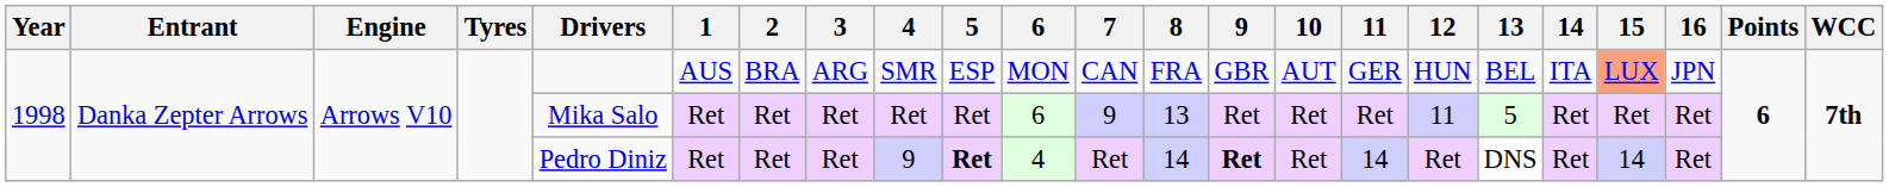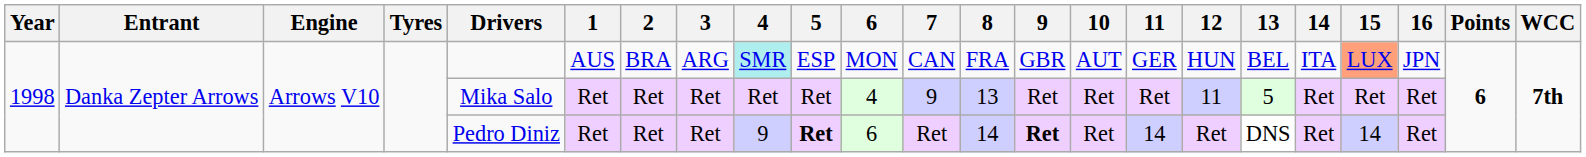 <table class="wikitable" style="text-align:center; font-size:95%">
 <tr>
 <th>Year</th>
 <th>Entrant</th>
 <th>Engine</th>
 <th>Tyres</th>
 <th>Drivers</th>
 <th>1</th>
 <th>2</th>
 <th>3</th>
 <th>4</th>
 <th>5</th>
 <th>6</th>
 <th>7</th>
 <th>8</th>
 <th>9</th>
 <th>10</th>
 <th>11</th>
 <th>12</th>
 <th>13</th>
 <th>14</th>
 <th>15</th>
 <th>16</th>
 <th>Points</th>
 <th>WCC</th>
 </tr>
 <tr>
 <td rowspan="3"><a href='#'>1998</a></td>
 <td rowspan="3"><a href='#'>Danka Zepter Arrows</a></td>
 <td rowspan="3"><a href='#'>Arrows</a> <a href='#'>V10</a></td>
 <td rowspan="3"></td>
 <td></td>
 <td><a href='#'>AUS</a></td>
 <td><a href='#'>BRA</a></td>
 <td><a href='#'>ARG</a></td>
-<td><a href='#'>SMR</a></td>
+<td style="background: paleturquoise;"><a href='#'>SMR</a></td>
 <td><a href='#'>ESP</a></td>
 <td><a href='#'>MON</a></td>
 <td><a href='#'>CAN</a></td>
 <td><a href='#'>FRA</a></td>
 <td><a href='#'>GBR</a></td>
 <td><a href='#'>AUT</a></td>
 <td><a href='#'>GER</a></td>
 <td><a href='#'>HUN</a></td>
 <td><a href='#'>BEL</a></td>
 <td><a href='#'>ITA</a></td>
 <td style="background: lightsalmon;"><a href='#'>LUX</a></td>
 <td><a href='#'>JPN</a></td>
 <td rowspan="3"><strong>6</strong></td>
 <td rowspan="3"><strong>7th</strong></td>
 </tr>
 <tr>
 <td><a href='#'>Mika Salo</a></td>
 <td style="background:#EFCFFF;">Ret</td>
 <td style="background:#EFCFFF;">Ret</td>
 <td style="background:#EFCFFF;">Ret</td>
 <td style="background:#EFCFFF;">Ret</td>
 <td style="background:#EFCFFF;">Ret</td>
-<td style="background:#DFFFDF;">6</td>
+<td style="background:#DFFFDF;">4</td>
 <td style="background:#CFCFFF;">9</td>
 <td style="background:#CFCFFF;">13</td>
 <td style="background:#EFCFFF;">Ret</td>
 <td style="background:#EFCFFF;">Ret</td>
 <td style="background:#EFCFFF;">Ret</td>
 <td style="background:#CFCFFF;">11</td>
 <td style="background:#DFFFDF;">5</td>
 <td style="background:#EFCFFF;">Ret</td>
 <td style="background:#EFCFFF;">Ret</td>
 <td style="background:#EFCFFF;">Ret</td>
 </tr>
 <tr>
 <td><a href='#'>Pedro Diniz</a></td>
 <td style="background:#EFCFFF;">Ret</td>
 <td style="background:#EFCFFF;">Ret</td>
 <td style="background:#EFCFFF;">Ret</td>
 <td style="background:#CFCFFF;">9</td>
 <td style="background:#EFCFFF;"><strong>Ret</strong></td>
-<td style="background:#DFFFDF;">4</td>
+<td style="background:#DFFFDF;">6</td>
 <td style="background:#EFCFFF;">Ret</td>
 <td style="background:#CFCFFF;">14</td>
 <td style="background:#EFCFFF;"><strong>Ret</strong></td>
 <td style="background:#EFCFFF;">Ret</td>
 <td style="background:#CFCFFF;">14</td>
 <td style="background:#EFCFFF;">Ret</td>
 <td style="background:#FFFFFF;">DNS</td>
 <td style="background:#EFCFFF;">Ret</td>
 <td style="background:#CFCFFF;">14</td>
 <td style="background:#EFCFFF;">Ret</td>
 </tr>
 </table>
